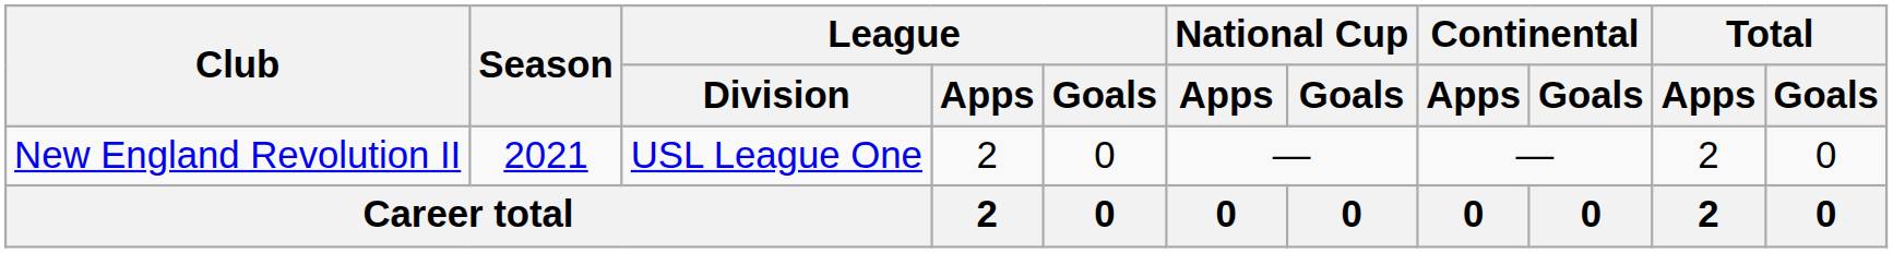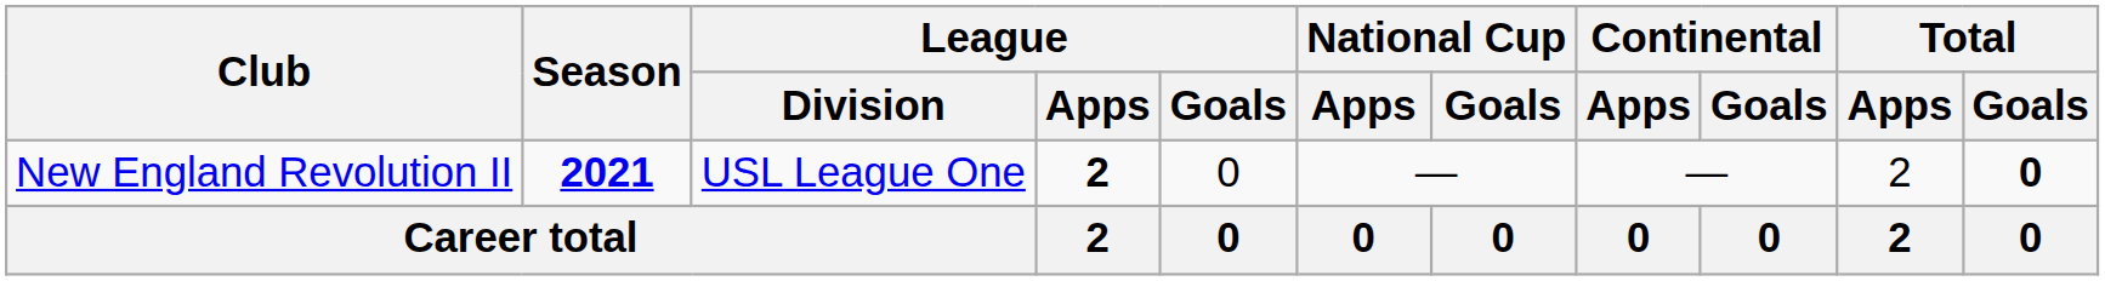 <table class=wikitable style=text-align:center>
 <tr>
 <th rowspan=2>Club</th>
 <th rowspan=2>Season</th>
 <th colspan=3>League</th>
 <th colspan=2>National Cup</th>
 <th colspan=2>Continental</th>
 <th colspan=2>Total</th>
 </tr>
 <tr>
 <th>Division</th>
 <th>Apps</th>
 <th>Goals</th>
 <th>Apps</th>
 <th>Goals</th>
 <th>Apps</th>
 <th>Goals</th>
 <th>Apps</th>
 <th>Goals</th>
 </tr>
 <tr>
 <td rowspan=1><a href='#'>New England Revolution II</a></td>
-<td><a href='#'>2021</a></td>
+<td><strong><a href='#'>2021</a></strong></td>
 <td><a href='#'>USL League One</a></td>
-<td>2</td>
+<td><strong>2</strong></td>
 <td>0</td>
 <td colspan=2>—</td>
 <td colspan=2>—</td>
 <td>2</td>
-<td>0</td>
+<td><strong>0</strong></td>
 </tr>
 <tr>
 <th colspan=3>Career total</th>
 <th>2</th>
 <th>0</th>
 <th>0</th>
 <th>0</th>
 <th>0</th>
 <th>0</th>
 <th>2</th>
 <th>0</th>
 </tr>
 </table>
